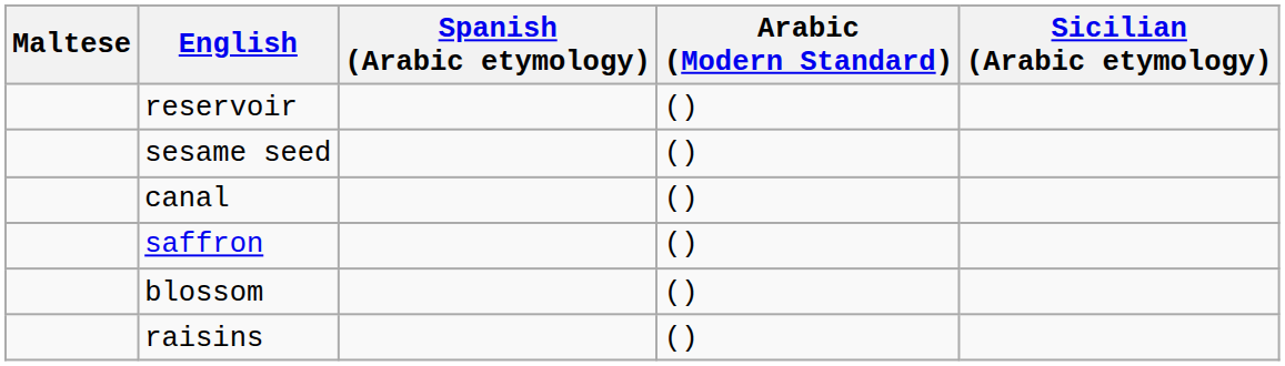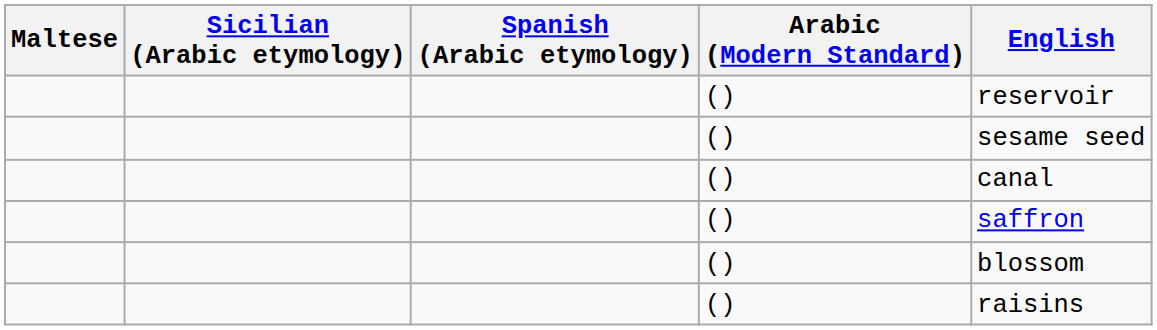 <table class="wikitable">
 <tr>
 <th>Maltese</th>
-<th><a href='#'>English</a></th>
+<th><a href='#'>Sicilian</a><br>(Arabic etymology)</th>
 <th><a href='#'>Spanish</a><br>(Arabic etymology)</th>
 <th>Arabic<br>(<a href='#'>Modern Standard</a>)</th>
-<th><a href='#'>Sicilian</a><br>(Arabic etymology)</th>
+<th><a href='#'>English</a></th>
 </tr>
 <tr>
 <td></td>
-<td>reservoir</td>
+<td></td>
 <td></td>
 <td> (<em></em>)</td>
-<td></td>
+<td>reservoir</td>
 </tr>
 <tr>
 <td></td>
-<td>sesame seed</td>
+<td></td>
 <td></td>
 <td> (<em></em>)</td>
-<td></td>
+<td>sesame seed</td>
 </tr>
 <tr>
 <td></td>
-<td>canal</td>
+<td></td>
 <td></td>
 <td> (<em></em>)</td>
-<td></td>
+<td>canal</td>
 </tr>
 <tr>
 <td></td>
-<td><a href='#'>saffron</a></td>
+<td></td>
 <td></td>
 <td> (<em></em>)</td>
-<td></td>
+<td><a href='#'>saffron</a></td>
 </tr>
 <tr>
 <td></td>
-<td>blossom</td>
+<td></td>
 <td></td>
 <td> (<em></em>)</td>
-<td></td>
+<td>blossom</td>
 </tr>
 <tr>
 <td></td>
-<td>raisins</td>
+<td></td>
 <td></td>
 <td> (<em></em>)</td>
-<td></td>
+<td>raisins</td>
 </tr>
 </table>
